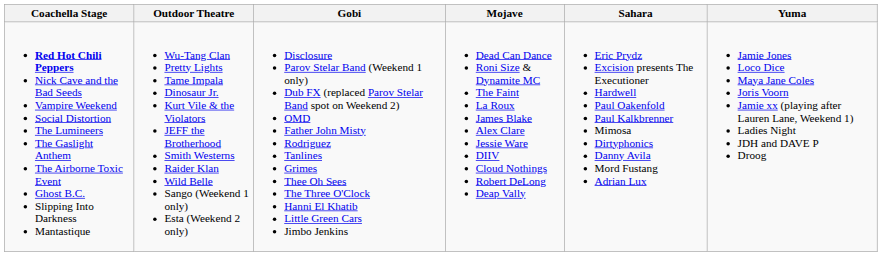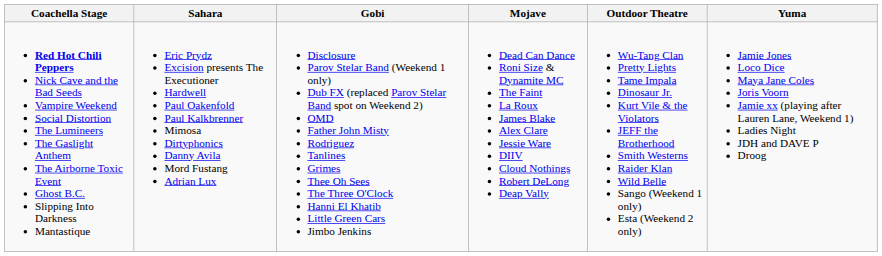 <table class="wikitable">
 <tr>
 <th>Coachella Stage</th>
-<th>Outdoor Theatre</th>
+<th>Sahara</th>
 <th>Gobi</th>
 <th>Mojave</th>
-<th>Sahara</th>
+<th>Outdoor Theatre</th>
 <th>Yuma</th>
 </tr>
 <tr valign="top">
 <td><br><ul><li><strong><a href='#'>Red Hot Chili Peppers</a></strong></li><li><a href='#'>Nick Cave and the Bad Seeds</a></li><li><a href='#'>Vampire Weekend</a></li><li><a href='#'>Social Distortion</a></li><li><a href='#'>The Lumineers</a></li><li><a href='#'>The Gaslight Anthem</a></li><li><a href='#'>The Airborne Toxic Event</a></li><li><a href='#'>Ghost B.C.</a></li><li>Slipping Into Darkness</li><li>Mantastique</li></ul></td>
-<td><br><ul><li><a href='#'>Wu-Tang Clan</a></li><li><a href='#'>Pretty Lights</a></li><li><a href='#'>Tame Impala</a></li><li><a href='#'>Dinosaur Jr.</a></li><li><a href='#'>Kurt Vile & the Violators</a></li><li><a href='#'>JEFF the Brotherhood</a></li><li><a href='#'>Smith Westerns</a></li><li><a href='#'>Raider Klan</a></li><li><a href='#'>Wild Belle</a></li><li>Sango (Weekend 1 only)</li><li>Esta (Weekend 2 only)</li></ul></td>
+<td><br><ul><li><a href='#'>Eric Prydz</a></li><li><a href='#'>Excision</a> presents The Executioner</li><li><a href='#'>Hardwell</a></li><li><a href='#'>Paul Oakenfold</a></li><li><a href='#'>Paul Kalkbrenner</a></li><li>Mimosa</li><li><a href='#'>Dirtyphonics</a></li><li><a href='#'>Danny Avila</a></li><li>Mord Fustang</li><li><a href='#'>Adrian Lux</a></li></ul></td>
 <td><br><ul><li><a href='#'>Disclosure</a></li><li><a href='#'>Parov Stelar Band</a> (Weekend 1 only)</li><li><a href='#'>Dub FX</a> (replaced <a href='#'>Parov Stelar Band</a> spot on Weekend 2)</li><li><a href='#'>OMD</a></li><li><a href='#'>Father John Misty</a></li><li><a href='#'>Rodriguez</a></li><li><a href='#'>Tanlines</a></li><li><a href='#'>Grimes</a></li><li><a href='#'>Thee Oh Sees</a></li><li><a href='#'>The Three O'Clock</a></li><li><a href='#'>Hanni El Khatib</a></li><li><a href='#'>Little Green Cars</a></li><li>Jimbo Jenkins</li></ul></td>
 <td><br><ul><li><a href='#'>Dead Can Dance</a></li><li><a href='#'>Roni Size</a> & <a href='#'>Dynamite MC</a></li><li><a href='#'>The Faint</a></li><li><a href='#'>La Roux</a></li><li><a href='#'>James Blake</a></li><li><a href='#'>Alex Clare</a></li><li><a href='#'>Jessie Ware</a></li><li><a href='#'>DIIV</a></li><li><a href='#'>Cloud Nothings</a></li><li><a href='#'>Robert DeLong</a></li><li><a href='#'>Deap Vally</a></li></ul></td>
-<td><br><ul><li><a href='#'>Eric Prydz</a></li><li><a href='#'>Excision</a> presents The Executioner</li><li><a href='#'>Hardwell</a></li><li><a href='#'>Paul Oakenfold</a></li><li><a href='#'>Paul Kalkbrenner</a></li><li>Mimosa</li><li><a href='#'>Dirtyphonics</a></li><li><a href='#'>Danny Avila</a></li><li>Mord Fustang</li><li><a href='#'>Adrian Lux</a></li></ul></td>
+<td><br><ul><li><a href='#'>Wu-Tang Clan</a></li><li><a href='#'>Pretty Lights</a></li><li><a href='#'>Tame Impala</a></li><li><a href='#'>Dinosaur Jr.</a></li><li><a href='#'>Kurt Vile & the Violators</a></li><li><a href='#'>JEFF the Brotherhood</a></li><li><a href='#'>Smith Westerns</a></li><li><a href='#'>Raider Klan</a></li><li><a href='#'>Wild Belle</a></li><li>Sango (Weekend 1 only)</li><li>Esta (Weekend 2 only)</li></ul></td>
 <td><br><ul><li><a href='#'>Jamie Jones</a></li><li><a href='#'>Loco Dice</a></li><li><a href='#'>Maya Jane Coles</a></li><li><a href='#'>Joris Voorn</a></li><li><a href='#'>Jamie xx</a> (playing after Lauren Lane, Weekend 1)</li><li>Ladies Night</li><li>JDH and DAVE P</li><li>Droog</li></ul></td>
 </tr>
 </table>
